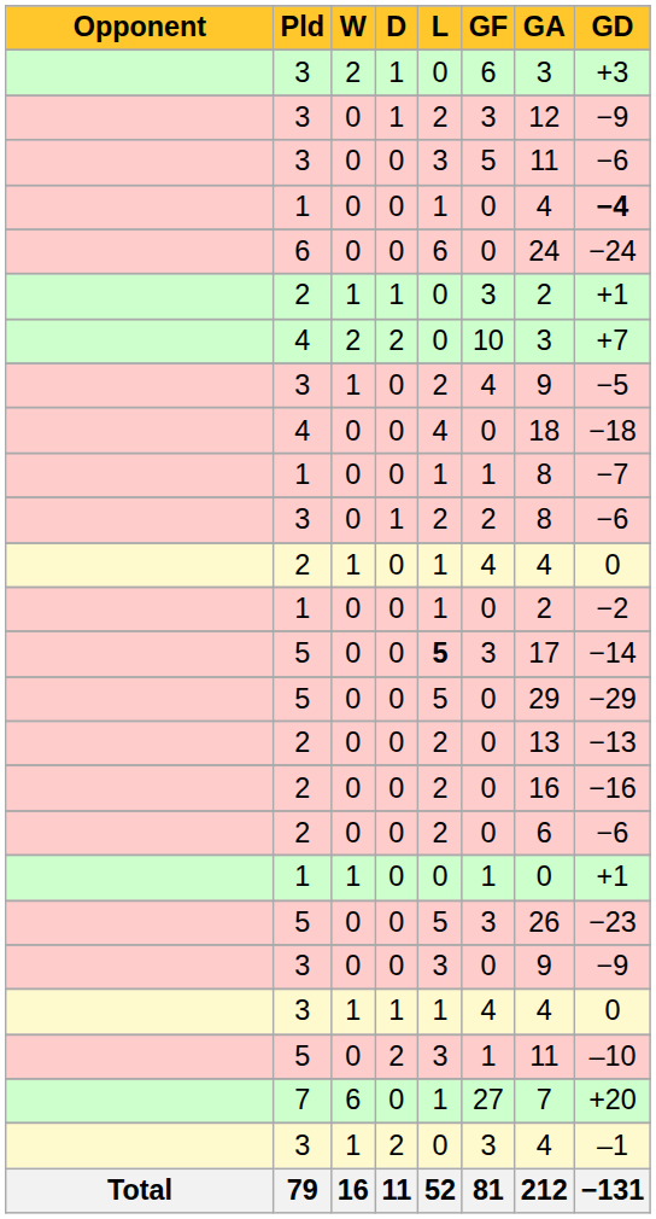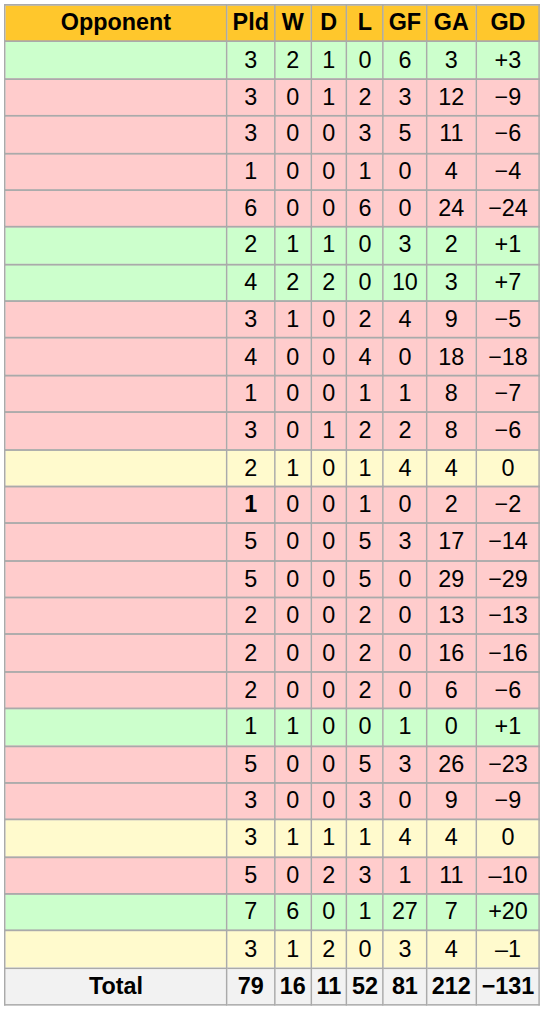 <table class="wikitable" style="font-size:100%; text-align: center;">
 <tr>
 </tr>
 <tr style="color:black;">
 <th style="width:145px; background:#FFC72C;">Opponent</th>
 <th style="width:1px; background:#FFC72C;">Pld</th>
 <th style="width:1px; background:#FFC72C;">W</th>
 <th style="width:1px; background:#FFC72C;">D</th>
 <th style="width:1px; background:#FFC72C;">L</th>
 <th style="width:1px; background:#FFC72C;">GF</th>
 <th style="width:1px; background:#FFC72C;">GA</th>
 <th style="width:1px; background:#FFC72C;">GD</th>
 </tr>
 <tr>
 </tr>
 <tr bgcolor="#CCFFCC">
 <td style="text-align:left;"></td>
 <td>3</td>
 <td>2</td>
 <td>1</td>
 <td>0</td>
 <td>6</td>
 <td>3</td>
 <td>+3</td>
 </tr>
 <tr>
 </tr>
 <tr bgcolor="#FFCCCC">
 <td style="text-align:left;"></td>
 <td>3</td>
 <td>0</td>
 <td>1</td>
 <td>2</td>
 <td>3</td>
 <td>12</td>
 <td>−9</td>
 </tr>
 <tr>
 </tr>
 <tr bgcolor="#FFCCCC">
 <td style="text-align:left;"></td>
 <td>3</td>
 <td>0</td>
 <td>0</td>
 <td>3</td>
 <td>5</td>
 <td>11</td>
 <td>−6</td>
 </tr>
 <tr>
 </tr>
 <tr bgcolor="#FFCCCC">
 <td style="text-align:left;"></td>
 <td>1</td>
 <td>0</td>
 <td>0</td>
 <td>1</td>
 <td>0</td>
 <td>4</td>
-<td><strong>−4</strong></td>
+<td>−4</td>
 </tr>
 <tr>
 </tr>
 <tr bgcolor="#FFCCCC">
 <td style="text-align:left;"></td>
 <td>6</td>
 <td>0</td>
 <td>0</td>
 <td>6</td>
 <td>0</td>
 <td>24</td>
 <td>−24</td>
 </tr>
 <tr>
 </tr>
 <tr bgcolor="#CCFFCC">
 <td style="text-align:left;"></td>
 <td>2</td>
 <td>1</td>
 <td>1</td>
 <td>0</td>
 <td>3</td>
 <td>2</td>
 <td>+1</td>
 </tr>
 <tr>
 </tr>
 <tr bgcolor="#CCFFCC">
 <td style="text-align:left;"></td>
 <td>4</td>
 <td>2</td>
 <td>2</td>
 <td>0</td>
 <td>10</td>
 <td>3</td>
 <td>+7</td>
 </tr>
 <tr>
 </tr>
 <tr bgcolor="#FFCCCC">
 <td style="text-align:left;"></td>
 <td>3</td>
 <td>1</td>
 <td>0</td>
 <td>2</td>
 <td>4</td>
 <td>9</td>
 <td>−5</td>
 </tr>
 <tr>
 </tr>
 <tr bgcolor="#FFCCCC">
 <td style="text-align:left;"></td>
 <td>4</td>
 <td>0</td>
 <td>0</td>
 <td>4</td>
 <td>0</td>
 <td>18</td>
 <td>−18</td>
 </tr>
 <tr>
 </tr>
 <tr bgcolor="#FFCCCC">
 <td style="text-align:left;"></td>
 <td>1</td>
 <td>0</td>
 <td>0</td>
 <td>1</td>
 <td>1</td>
 <td>8</td>
 <td>−7</td>
 </tr>
 <tr>
 </tr>
 <tr bgcolor="#FFCCCC">
 <td style="text-align:left;"></td>
 <td>3</td>
 <td>0</td>
 <td>1</td>
 <td>2</td>
 <td>2</td>
 <td>8</td>
 <td>−6</td>
 </tr>
 <tr>
 </tr>
 <tr bgcolor="#FFFACD">
 <td style="text-align:left;"></td>
 <td>2</td>
 <td>1</td>
 <td>0</td>
 <td>1</td>
 <td>4</td>
 <td>4</td>
 <td>0</td>
 </tr>
 <tr>
 </tr>
 <tr bgcolor="#FFCCCC">
 <td style="text-align:left;"></td>
-<td>1</td>
+<td><strong>1</strong></td>
 <td>0</td>
 <td>0</td>
 <td>1</td>
 <td>0</td>
 <td>2</td>
 <td>−2</td>
 </tr>
 <tr>
 </tr>
 <tr bgcolor="#FFCCCC">
 <td style="text-align:left;"></td>
 <td>5</td>
 <td>0</td>
 <td>0</td>
-<td><strong>5</strong></td>
+<td>5</td>
 <td>3</td>
 <td>17</td>
 <td>−14</td>
 </tr>
 <tr>
 </tr>
 <tr bgcolor="#FFCCCC">
 <td style="text-align:left;"></td>
 <td>5</td>
 <td>0</td>
 <td>0</td>
 <td>5</td>
 <td>0</td>
 <td>29</td>
 <td>−29</td>
 </tr>
 <tr>
 </tr>
 <tr bgcolor="#FFCCCC">
 <td style="text-align:left;"></td>
 <td>2</td>
 <td>0</td>
 <td>0</td>
 <td>2</td>
 <td>0</td>
 <td>13</td>
 <td>−13</td>
 </tr>
 <tr>
 </tr>
 <tr bgcolor="#FFCCCC">
 <td style="text-align:left;"></td>
 <td>2</td>
 <td>0</td>
 <td>0</td>
 <td>2</td>
 <td>0</td>
 <td>16</td>
 <td>−16</td>
 </tr>
 <tr>
 </tr>
 <tr bgcolor="#FFCCCC">
 <td style="text-align:left;"></td>
 <td>2</td>
 <td>0</td>
 <td>0</td>
 <td>2</td>
 <td>0</td>
 <td>6</td>
 <td>−6</td>
 </tr>
 <tr>
 </tr>
 <tr bgcolor="#CCFFCC">
 <td style="text-align:left;"></td>
 <td>1</td>
 <td>1</td>
 <td>0</td>
 <td>0</td>
 <td>1</td>
 <td>0</td>
 <td>+1</td>
 </tr>
 <tr>
 </tr>
 <tr bgcolor="#FFCCCC">
 <td style="text-align:left;"></td>
 <td>5</td>
 <td>0</td>
 <td>0</td>
 <td>5</td>
 <td>3</td>
 <td>26</td>
 <td>−23</td>
 </tr>
 <tr>
 </tr>
 <tr bgcolor="#FFCCCC">
 <td style="text-align:left;"></td>
 <td>3</td>
 <td>0</td>
 <td>0</td>
 <td>3</td>
 <td>0</td>
 <td>9</td>
 <td>−9</td>
 </tr>
 <tr>
 </tr>
 <tr bgcolor="#FFFACD">
 <td style="text-align:left;"></td>
 <td>3</td>
 <td>1</td>
 <td>1</td>
 <td>1</td>
 <td>4</td>
 <td>4</td>
 <td>0</td>
 </tr>
 <tr>
 </tr>
 <tr bgcolor="#FFCCCC">
 <td style="text-align:left;"></td>
 <td>5</td>
 <td>0</td>
 <td>2</td>
 <td>3</td>
 <td>1</td>
 <td>11</td>
 <td>–10</td>
 </tr>
 <tr>
 </tr>
 <tr bgcolor="#CCFFCC">
 <td style="text-align:left;"></td>
 <td>7</td>
 <td>6</td>
 <td>0</td>
 <td>1</td>
 <td>27</td>
 <td>7</td>
 <td>+20</td>
 </tr>
 <tr>
 </tr>
 <tr bgcolor="#FFFACD">
 <td style="text-align:left;"></td>
 <td>3</td>
 <td>1</td>
 <td>2</td>
 <td>0</td>
 <td>3</td>
 <td>4</td>
 <td>–1</td>
 </tr>
 <tr class="sortbottom">
 <th>Total</th>
 <th>79</th>
 <th>16</th>
 <th>11</th>
 <th>52</th>
 <th>81</th>
 <th>212</th>
 <th>−131</th>
 </tr>
 </table>
